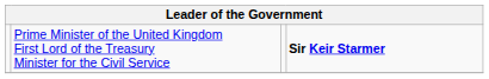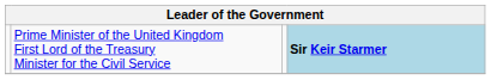 <table class="wikitable">
 <tr>
 <th colspan="4">Leader of the Government</th>
 </tr>
 <tr>
 <td style="background: "></td>
 <td style="width: 450px;"><a href='#'>Prime Minister of the United Kingdom</a><br><a href='#'>First Lord of the Treasury</a><br><a href='#'>Minister for the Civil Service</a></td>
 <td style="background: "></td>
-<td style="width: 320px;"><strong>Sir <a href='#'>Keir Starmer</a> </strong></td>
+<td style="background: lightblue; width: 320px;"><strong>Sir <a href='#'>Keir Starmer</a> </strong></td>
 </tr>
 <tr>
 </tr>
 </table>
